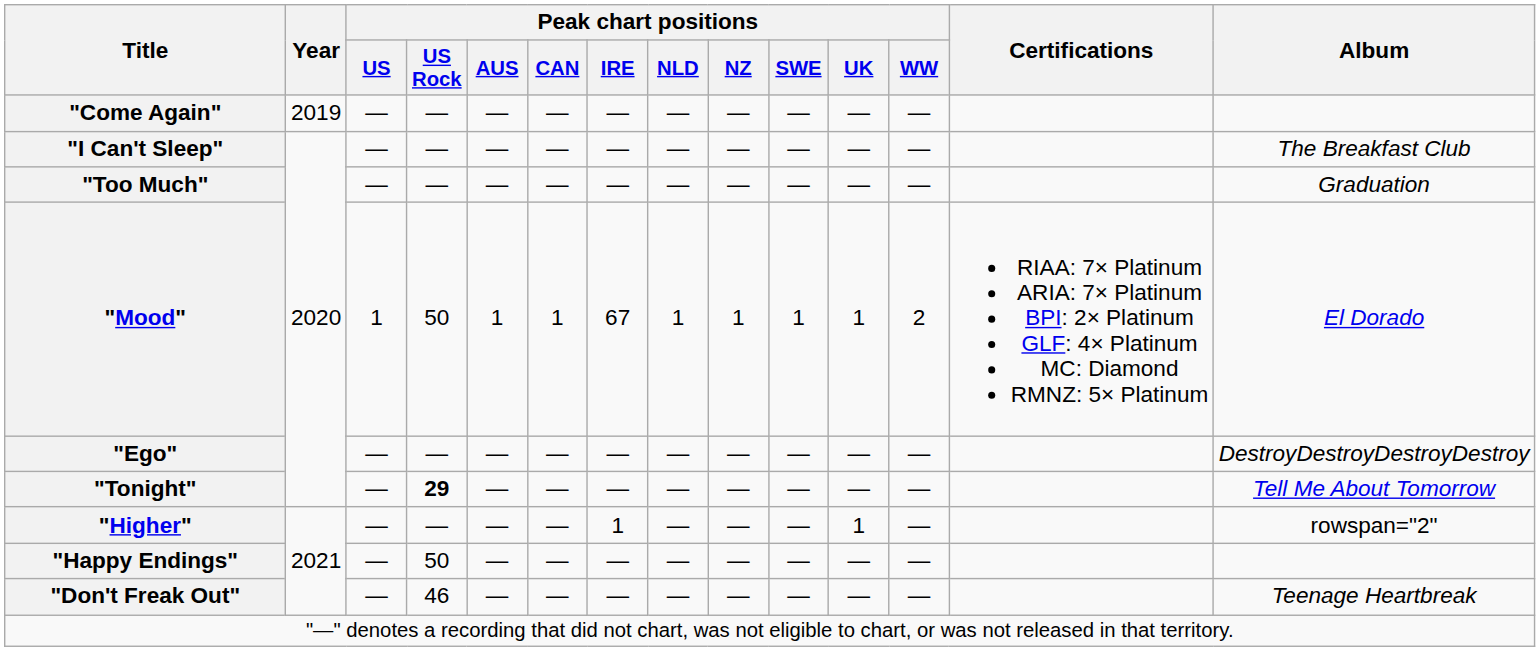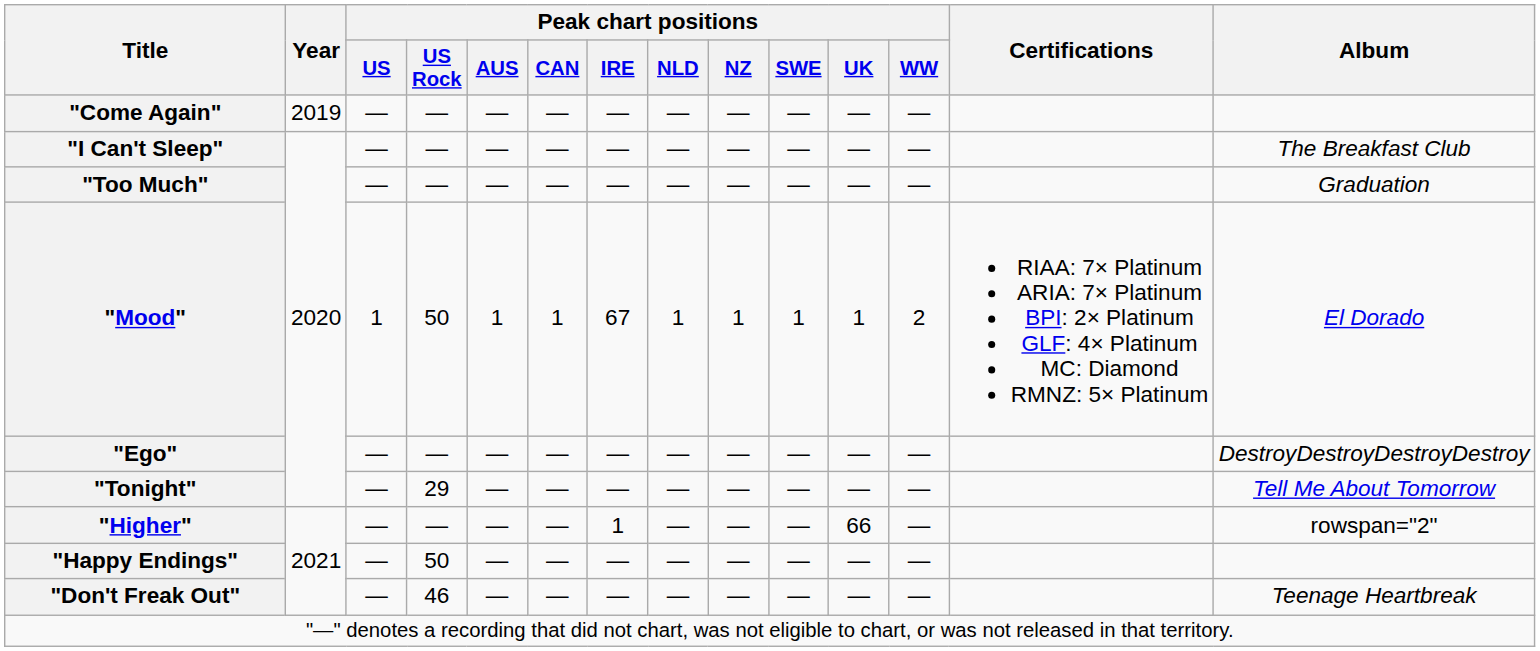 <table class="wikitable plainrowheaders" style="text-align:center;">
 <tr>
 <th scope="col" rowspan="2" style="width:12em;">Title</th>
 <th scope="col" rowspan="2" style="width:1em;">Year</th>
 <th scope="col" colspan="10">Peak chart positions</th>
 <th scope="col" rowspan="2">Certifications</th>
 <th scope="col" rowspan="2" style="width:12em;">Album</th>
 </tr>
 <tr>
 <th scope="col" style="width:2.5em;font-size:90%;"><a href='#'>US</a><br></th>
 <th scope="col" style="width:2.5em; font-size:90%;"><a href='#'>US<br>Rock</a><br></th>
 <th scope="col" style="width:2.5em;font-size:90%;"><a href='#'>AUS</a><br></th>
 <th scope="col" style="width:2.5em;font-size:90%;"><a href='#'>CAN</a><br></th>
 <th scope="col" style="width:2.5em;font-size:90%;"><a href='#'>IRE</a><br></th>
 <th scope="col" style="width:2.5em;font-size:90%;"><a href='#'>NLD</a><br></th>
 <th scope="col" style="width:2.5em;font-size:90%;"><a href='#'>NZ</a><br></th>
 <th scope="col" style="width:2.5em;font-size:90%;"><a href='#'>SWE</a><br></th>
 <th scope="col" style="width:2.5em;font-size:90%;"><a href='#'>UK</a><br></th>
 <th scope="col" style="width:2.5em;font-size:90%;"><a href='#'>WW</a><br></th>
 </tr>
 <tr>
 <th scope="row">"Come Again"<br></th>
 <td>2019</td>
 <td>—</td>
 <td>—</td>
 <td>—</td>
 <td>—</td>
 <td>—</td>
 <td>—</td>
 <td>—</td>
 <td>—</td>
 <td>—</td>
 <td>—</td>
 <td></td>
 <td></td>
 </tr>
 <tr>
 <th scope="row">"I Can't Sleep"<br></th>
 <td rowspan="5">2020</td>
 <td>—</td>
 <td>—</td>
 <td>—</td>
 <td>—</td>
 <td>—</td>
 <td>—</td>
 <td>—</td>
 <td>—</td>
 <td>—</td>
 <td>—</td>
 <td></td>
 <td><em>The Breakfast Club</em></td>
 </tr>
 <tr>
 <th scope="row">"Too Much"<br></th>
 <td>—</td>
 <td>—</td>
 <td>—</td>
 <td>—</td>
 <td>—</td>
 <td>—</td>
 <td>—</td>
 <td>—</td>
 <td>—</td>
 <td>—</td>
 <td></td>
 <td><em>Graduation</em></td>
 </tr>
 <tr>
 <th scope="row">"<a href='#'>Mood</a>"<br></th>
 <td>1</td>
 <td>50</td>
 <td>1</td>
 <td>1</td>
 <td>67</td>
 <td>1</td>
 <td>1</td>
 <td>1</td>
 <td>1</td>
 <td>2</td>
 <td><br><ul><li>RIAA: 7× Platinum</li><li>ARIA: 7× Platinum</li><li><a href='#'>BPI</a>: 2× Platinum</li><li><a href='#'>GLF</a>: 4× Platinum</li><li>MC: Diamond</li><li>RMNZ: 5× Platinum</li></ul></td>
 <td><em><a href='#'>El Dorado</a></em></td>
 </tr>
 <tr>
 <th scope="row">"Ego"<br></th>
 <td>—</td>
 <td>—</td>
 <td>—</td>
 <td>—</td>
 <td>—</td>
 <td>—</td>
 <td>—</td>
 <td>—</td>
 <td>—</td>
 <td>—</td>
 <td></td>
 <td><em>DestroyDestroyDestroyDestroy</em></td>
 </tr>
 <tr>
 <th scope="row">"Tonight"<br></th>
 <td>—</td>
-<td><strong>29</strong></td>
+<td>29</td>
 <td>—</td>
 <td>—</td>
 <td>—</td>
 <td>—</td>
 <td>—</td>
 <td>—</td>
 <td>—</td>
 <td>—</td>
 <td></td>
 <td><em><a href='#'>Tell Me About Tomorrow</a></em></td>
 </tr>
 <tr>
 <th scope="row">"<a href='#'>Higher</a>"<br></th>
 <td rowspan="3">2021</td>
 <td>—</td>
 <td>—</td>
 <td>—</td>
 <td>—</td>
 <td>1</td>
 <td>—</td>
 <td>—</td>
 <td>—</td>
-<td>1</td>
+<td>66</td>
 <td>—</td>
 <td></td>
 <td>rowspan="2" </td>
 </tr>
 <tr>
 <th scope="row">"Happy Endings"<br></th>
 <td>—</td>
 <td>50</td>
 <td>—</td>
 <td>—</td>
 <td>—</td>
 <td>—</td>
 <td>—</td>
 <td>—</td>
 <td>—</td>
 <td>—</td>
 <td></td>
 </tr>
 <tr>
 <th scope="row">"Don't Freak Out"<br></th>
 <td>—</td>
 <td>46</td>
 <td>—</td>
 <td>—</td>
 <td>—</td>
 <td>—</td>
 <td>—</td>
 <td>—</td>
 <td>—</td>
 <td>—</td>
 <td></td>
 <td><em>Teenage Heartbreak</em></td>
 </tr>
 <tr>
 <td colspan="14" style="font-size:90%">"—" denotes a recording that did not chart, was not eligible to chart, or was not released in that territory.</td>
 </tr>
 </table>
